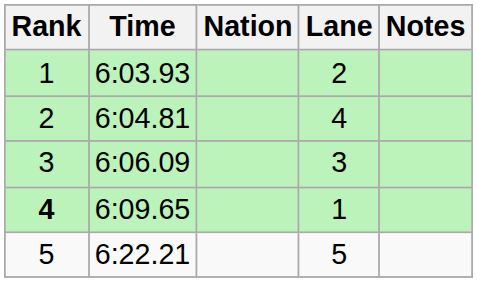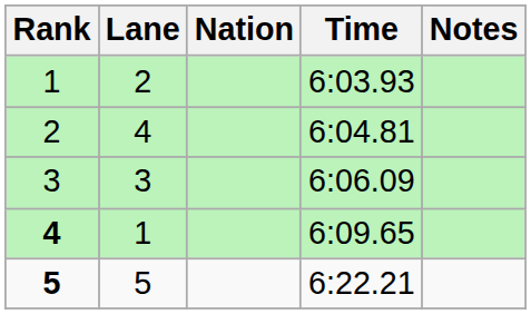 <table class="wikitable sortable" style="text-align:center">
 <tr>
 <th>Rank</th>
+<th>Lane</th>
+<th>Nation</th>
 <th>Time</th>
-<th>Nation</th>
-<th>Lane</th>
 <th>Notes</th>
 </tr>
 <tr bgcolor=bbf3bb>
 <td>1</td>
+<td>2</td>
+<td align=left></td>
 <td>6:03.93</td>
-<td align=left></td>
-<td>2</td>
 <td align=center></td>
 </tr>
 <tr bgcolor=bbf3bb>
 <td>2</td>
+<td>4</td>
+<td align=left></td>
 <td>6:04.81</td>
-<td align=left></td>
-<td>4</td>
 <td align=center></td>
 </tr>
 <tr bgcolor=bbf3bb>
 <td>3</td>
+<td>3</td>
+<td align=left></td>
 <td>6:06.09</td>
-<td align=left></td>
-<td>3</td>
 <td align=center></td>
 </tr>
 <tr bgcolor=bbf3bb>
 <td><strong>4</strong></td>
+<td>1</td>
+<td align=left></td>
 <td>6:09.65</td>
-<td align=left></td>
-<td>1</td>
 <td align=center></td>
 </tr>
 <tr>
+<td><strong>5</strong></td>
 <td>5</td>
+<td align=left></td>
 <td>6:22.21</td>
-<td align=left></td>
-<td>5</td>
 <td align=center></td>
 </tr>
 </table>
